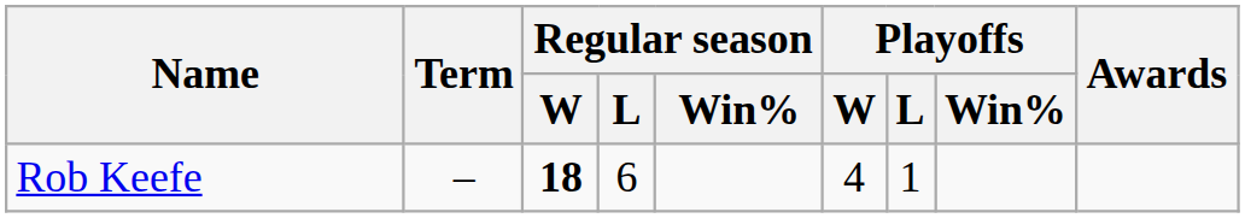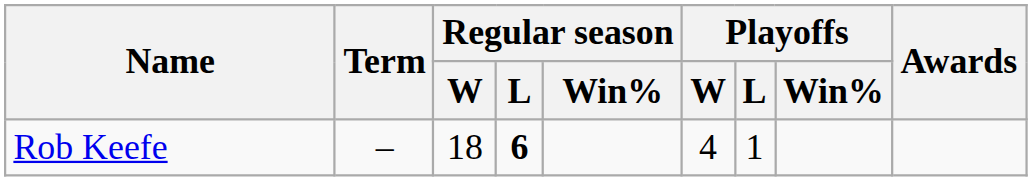 <table class="wikitable" style="text-align:center;">
 <tr>
 <th rowspan="2" style="width:140px;">Name</th>
 <th rowspan="2">Term</th>
 <th colspan="3">Regular season</th>
 <th colspan="3">Playoffs</th>
 <th rowspan="2">Awards</th>
 </tr>
 <tr>
 <th>W</th>
 <th>L</th>
 <th>Win%</th>
 <th>W</th>
 <th>L</th>
 <th>Win%</th>
 </tr>
 <tr>
 <td style="text-align:left;"><a href='#'>Rob Keefe</a></td>
 <td>–</td>
-<td><strong>18</strong></td>
-<td>6</td>
+<td>18</td>
+<td><strong>6</strong></td>
 <td></td>
 <td>4</td>
 <td>1</td>
 <td></td>
 <td style="text-align:left;"></td>
 </tr>
 </table>
